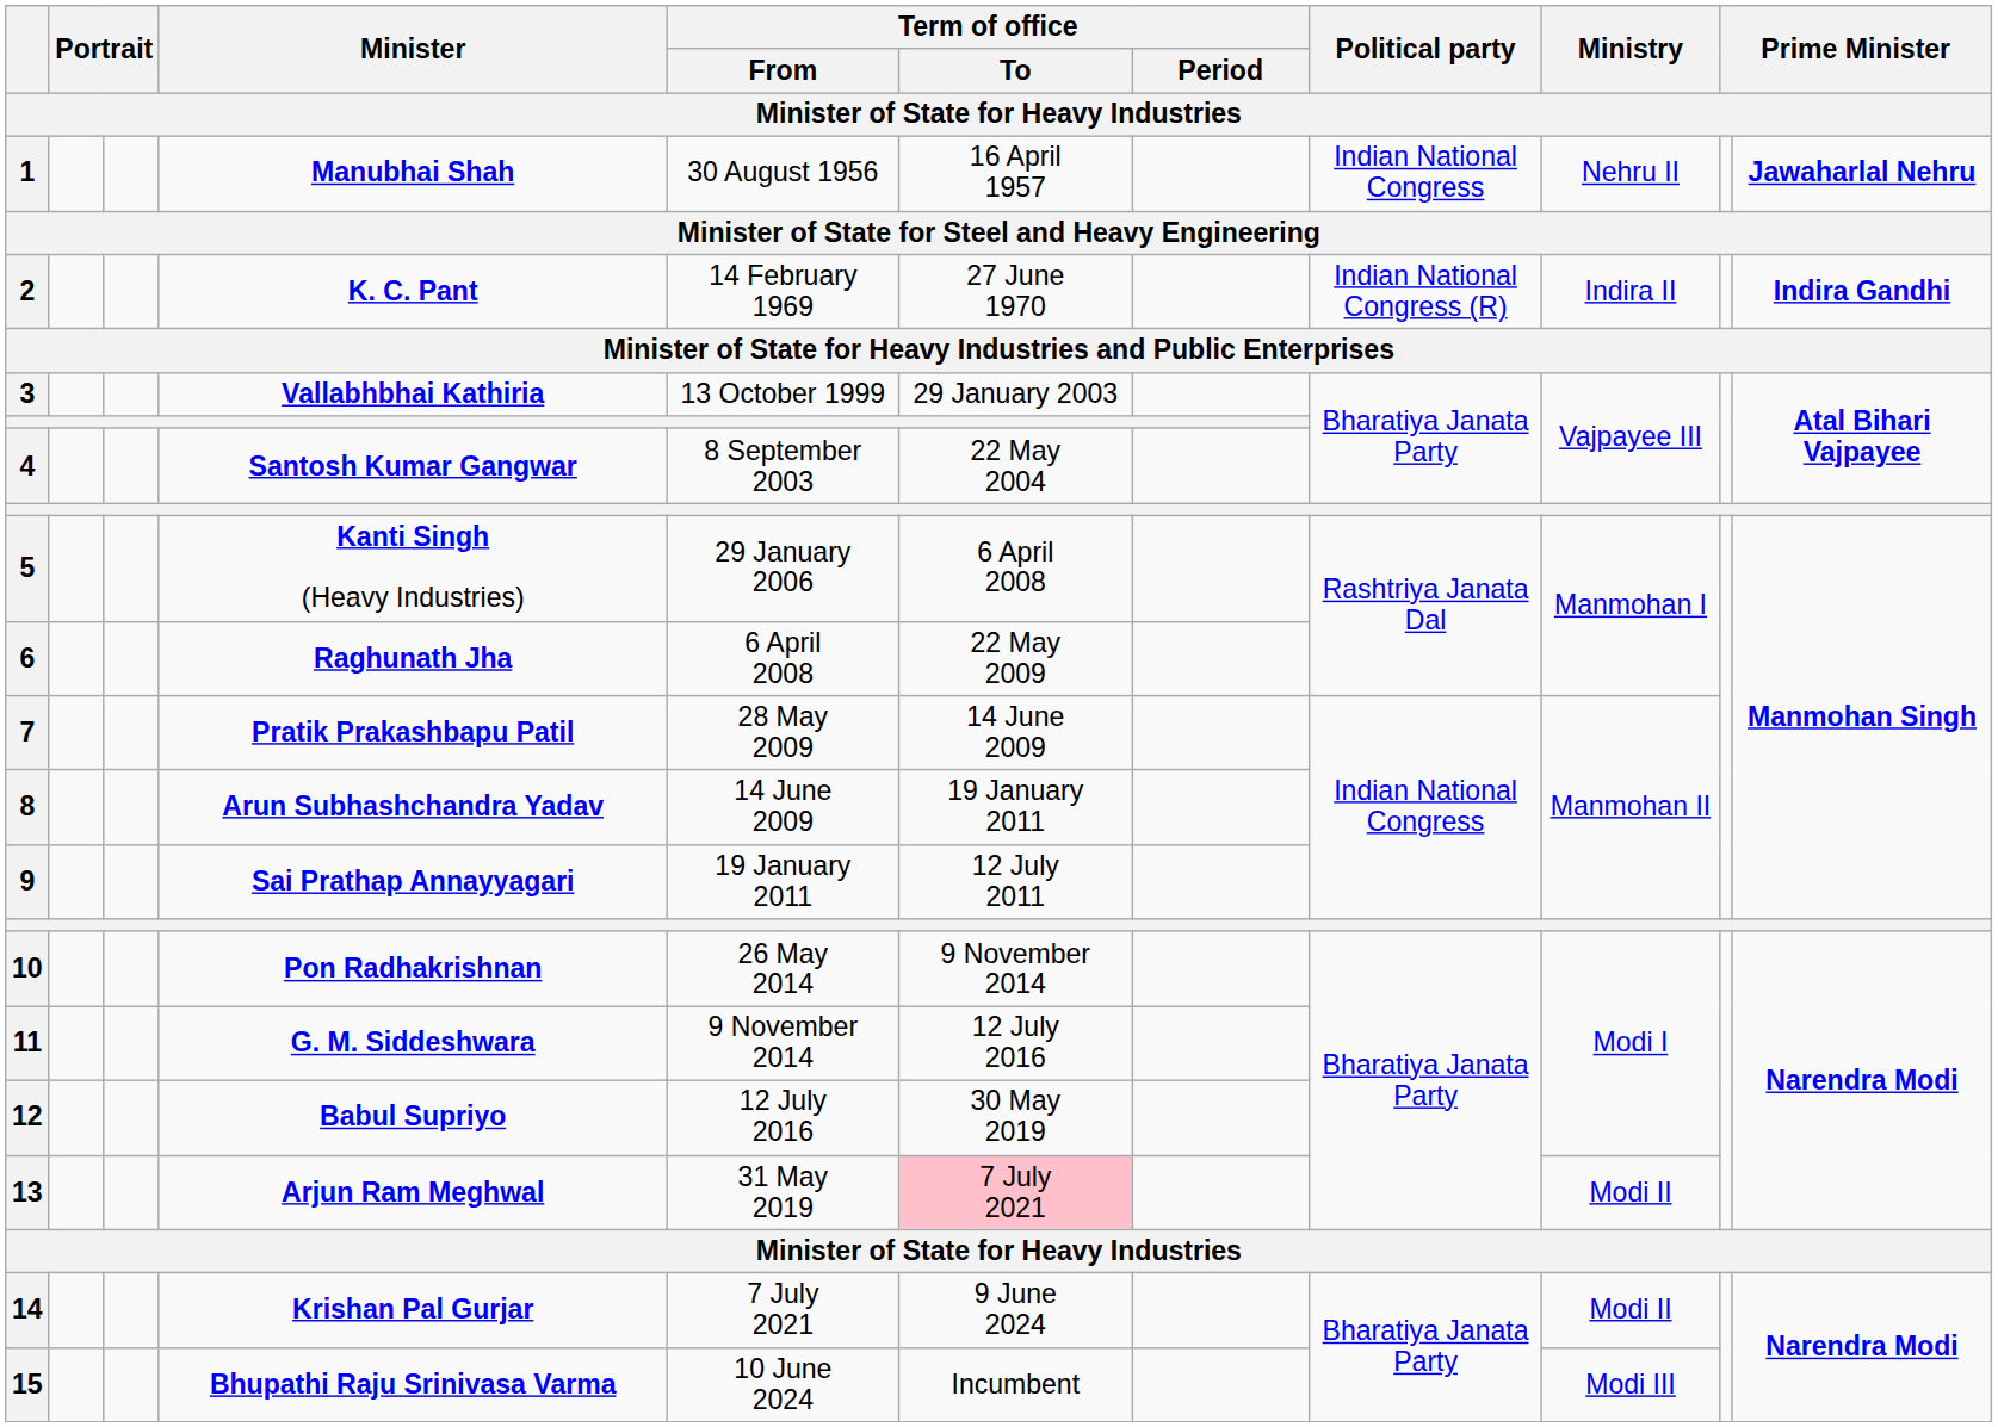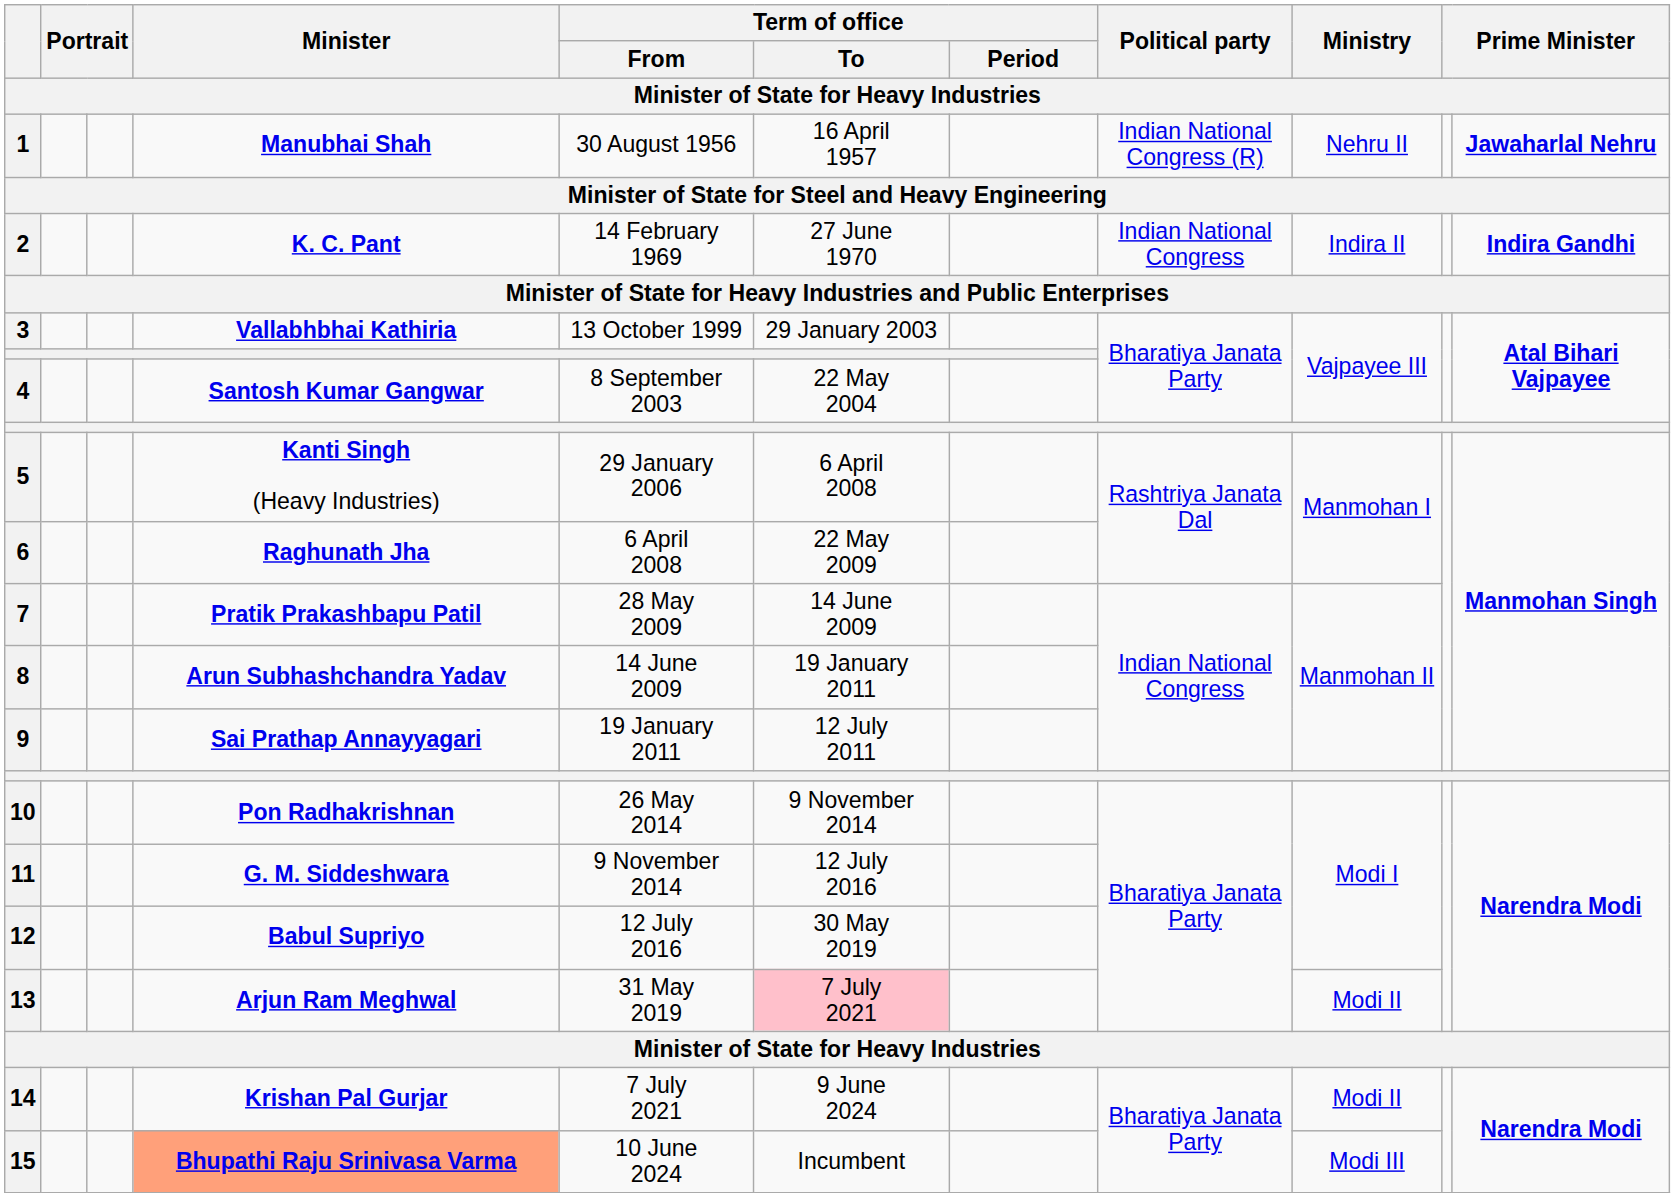 <table class="wikitable" style="text-align:center">
 <tr>
 <th rowspan="2"></th>
 <th rowspan="2" colspan="2">Portrait</th>
 <th rowspan="2" style="width:18em">Minister<br></th>
 <th colspan="3">Term of office</th>
 <th rowspan="2" style="width:8em">Political party</th>
 <th rowspan="2" style="width:6em">Ministry</th>
 <th rowspan="2" colspan="2">Prime Minister</th>
 </tr>
 <tr>
 <th style="width:8em">From</th>
 <th style="width:8em">To</th>
 <th style="width:6em">Period</th>
 </tr>
 <tr>
 <th colspan="11">Minister of State for Heavy Industries</th>
 </tr>
 <tr>
 <th>1</th>
 <td></td>
 <td></td>
 <td><strong><a href='#'>Manubhai Shah</a></strong><br></td>
 <td>30 August 1956</td>
 <td>16 April<br>1957</td>
 <td><strong></strong></td>
-<td><a href='#'>Indian National Congress</a></td>
+<td><a href='#'>Indian National Congress (R)</a></td>
 <td><a href='#'>Nehru II</a></td>
 <td></td>
 <td style="width:9em"><strong><a href='#'>Jawaharlal Nehru</a></strong></td>
 </tr>
 <tr>
 <th colspan="11">Minister of State for Steel and Heavy Engineering</th>
 </tr>
 <tr>
 <th>2</th>
 <td></td>
 <td></td>
 <td><strong><a href='#'>K. C. Pant</a></strong><br></td>
 <td>14 February<br>1969</td>
 <td>27 June<br>1970</td>
 <td><strong></strong></td>
-<td><a href='#'>Indian National Congress (R)</a></td>
+<td><a href='#'>Indian National Congress</a></td>
 <td><a href='#'>Indira II</a></td>
 <td></td>
 <td><strong><a href='#'>Indira Gandhi</a></strong></td>
 </tr>
 <tr>
 <th colspan="11">Minister of State for Heavy Industries and Public Enterprises</th>
 </tr>
 <tr>
 <th>3</th>
 <td></td>
 <td></td>
 <td><strong><a href='#'>Vallabhbhai Kathiria</a></strong><br></td>
 <td>13 October 1999</td>
 <td>29 January 2003</td>
 <td><strong></strong></td>
 <td rowspan="3"><a href='#'>Bharatiya Janata Party</a></td>
 <td rowspan="3"><a href='#'>Vajpayee III</a></td>
 <td rowspan="3"></td>
 <td rowspan="3"><strong><a href='#'>Atal Bihari Vajpayee</a></strong></td>
 </tr>
 <tr>
 <th colspan="7"></th>
 </tr>
 <tr>
 <th>4</th>
 <td></td>
 <td></td>
 <td><strong><a href='#'>Santosh Kumar Gangwar</a></strong><br></td>
 <td>8 September 2003</td>
 <td>22 May<br>2004</td>
 <td><strong></strong></td>
 </tr>
 <tr>
 <th colspan="11"></th>
 </tr>
 <tr>
 <th>5</th>
 <td style="background:"></td>
 <td></td>
 <td><strong><a href='#'>Kanti Singh</a></strong><br><br>(Heavy Industries)</td>
 <td>29 January<br>2006</td>
 <td>6 April<br>2008</td>
 <td><strong></strong></td>
 <td rowspan="2"><a href='#'>Rashtriya Janata Dal</a></td>
 <td rowspan="2"><a href='#'>Manmohan I</a></td>
 <td rowspan="5"></td>
 <td rowspan="5"><strong><a href='#'>Manmohan Singh</a></strong></td>
 </tr>
 <tr>
 <th>6</th>
 <td style="background:"></td>
 <td></td>
 <td><strong><a href='#'>Raghunath Jha</a></strong><br></td>
 <td>6 April<br>2008</td>
 <td>22 May<br>2009</td>
 <td><strong></strong></td>
 </tr>
 <tr>
 <th>7</th>
 <td></td>
 <td></td>
 <td><strong><a href='#'>Pratik Prakashbapu Patil</a></strong><br></td>
 <td>28 May<br>2009</td>
 <td>14 June<br>2009</td>
 <td><strong></strong></td>
 <td rowspan="3"><a href='#'>Indian National Congress</a></td>
 <td rowspan="3"><a href='#'>Manmohan II</a></td>
 </tr>
 <tr>
 <th>8</th>
 <td></td>
 <td></td>
 <td><strong><a href='#'>Arun Subhashchandra Yadav</a></strong><br></td>
 <td>14 June<br>2009</td>
 <td>19 January<br>2011</td>
 <td><strong></strong></td>
 </tr>
 <tr>
 <th>9</th>
 <td></td>
 <td></td>
 <td><strong><a href='#'>Sai Prathap Annayyagari</a></strong><br></td>
 <td>19 January<br>2011</td>
 <td>12 July<br>2011</td>
 <td><strong></strong></td>
 </tr>
 <tr>
 <th colspan="11"></th>
 </tr>
 <tr>
 <th>10</th>
 <td></td>
 <td></td>
 <td><strong><a href='#'>Pon Radhakrishnan</a></strong><br></td>
 <td>26 May<br>2014</td>
 <td>9 November<br>2014</td>
 <td><strong></strong></td>
 <td rowspan="4"><a href='#'>Bharatiya Janata Party</a></td>
 <td rowspan="3"><a href='#'>Modi I</a></td>
 <td rowspan="4"></td>
 <td rowspan="4"><strong><a href='#'>Narendra Modi</a></strong></td>
 </tr>
 <tr>
 <th>11</th>
 <td></td>
 <td></td>
 <td><strong><a href='#'>G. M. Siddeshwara</a></strong><br></td>
 <td>9 November<br>2014</td>
 <td>12 July<br>2016</td>
 <td><strong></strong></td>
 </tr>
 <tr>
 <th>12</th>
 <td></td>
 <td></td>
 <td><strong><a href='#'>Babul Supriyo</a></strong><br></td>
 <td>12 July<br>2016</td>
 <td>30 May<br>2019</td>
 <td><strong></strong></td>
 </tr>
 <tr>
 <th>13</th>
 <td></td>
 <td></td>
 <td><strong><a href='#'>Arjun Ram Meghwal</a></strong><br></td>
 <td>31 May<br>2019</td>
 <td style="background: pink;">7 July<br>2021</td>
 <td><strong></strong></td>
 <td><a href='#'>Modi II</a></td>
 </tr>
 <tr>
 <th colspan="11">Minister of State for Heavy Industries</th>
 </tr>
 <tr>
 <th>14</th>
 <td></td>
 <td></td>
 <td><strong><a href='#'>Krishan Pal Gurjar</a></strong><br></td>
 <td>7 July<br>2021</td>
 <td>9 June<br>2024</td>
 <td><strong></strong></td>
 <td rowspan="2"><a href='#'>Bharatiya Janata Party</a></td>
 <td><a href='#'>Modi II</a></td>
 <td rowspan="2"></td>
 <td rowspan="2"><strong><a href='#'>Narendra Modi</a></strong></td>
 </tr>
 <tr>
 <th>15</th>
 <td></td>
 <td></td>
-<td><strong><a href='#'>Bhupathi Raju Srinivasa Varma</a></strong><br></td>
+<td style="background: lightsalmon;"><strong><a href='#'>Bhupathi Raju Srinivasa Varma</a></strong><br></td>
 <td>10 June<br>2024</td>
 <td>Incumbent</td>
 <td><strong></strong></td>
 <td><a href='#'>Modi III</a></td>
 </tr>
 <tr>
 </tr>
 </table>
